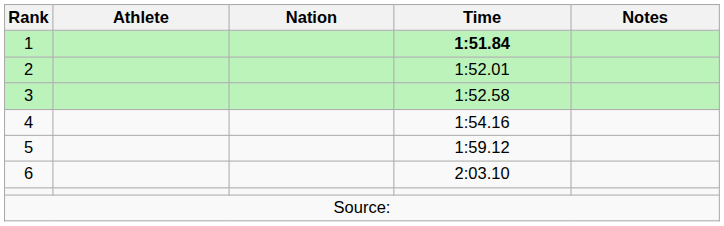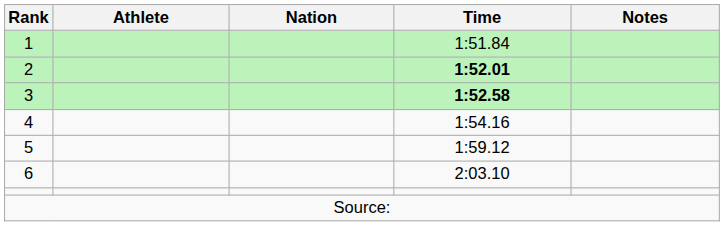 <table class="wikitable sortable" style="text-align:center;width: 55%;">
 <tr>
 <th scope="col" style="width: 10px;">Rank</th>
 <th scope="col">Athlete</th>
 <th scope="col">Nation</th>
 <th scope="col">Time</th>
 <th scope="col">Notes</th>
 </tr>
 <tr bgcolor=bbf3bb>
 <td>1</td>
 <td align=left></td>
 <td align=left></td>
-<td><strong>1:51.84</strong></td>
+<td>1:51.84</td>
 <td></td>
 </tr>
 <tr bgcolor=bbf3bb>
 <td>2</td>
 <td align=left></td>
 <td align=left></td>
-<td>1:52.01</td>
+<td><strong>1:52.01</strong></td>
 <td></td>
 </tr>
 <tr bgcolor=bbf3bb>
 <td>3</td>
 <td align=left></td>
 <td align=left></td>
-<td>1:52.58</td>
+<td><strong>1:52.58</strong></td>
 <td></td>
 </tr>
 <tr>
 <td>4</td>
 <td align=left></td>
 <td align=left></td>
 <td>1:54.16</td>
 <td></td>
 </tr>
 <tr>
 <td>5</td>
 <td align=left></td>
 <td align=left></td>
 <td>1:59.12</td>
 <td></td>
 </tr>
 <tr>
 <td>6</td>
 <td align=left></td>
 <td align=left></td>
 <td>2:03.10</td>
 <td></td>
 </tr>
 <tr>
 <td></td>
 <td align=left></td>
 <td align=left></td>
 <td></td>
 <td></td>
 </tr>
 <tr class="sortbottom">
 <td colspan="5">Source:</td>
 </tr>
 </table>
